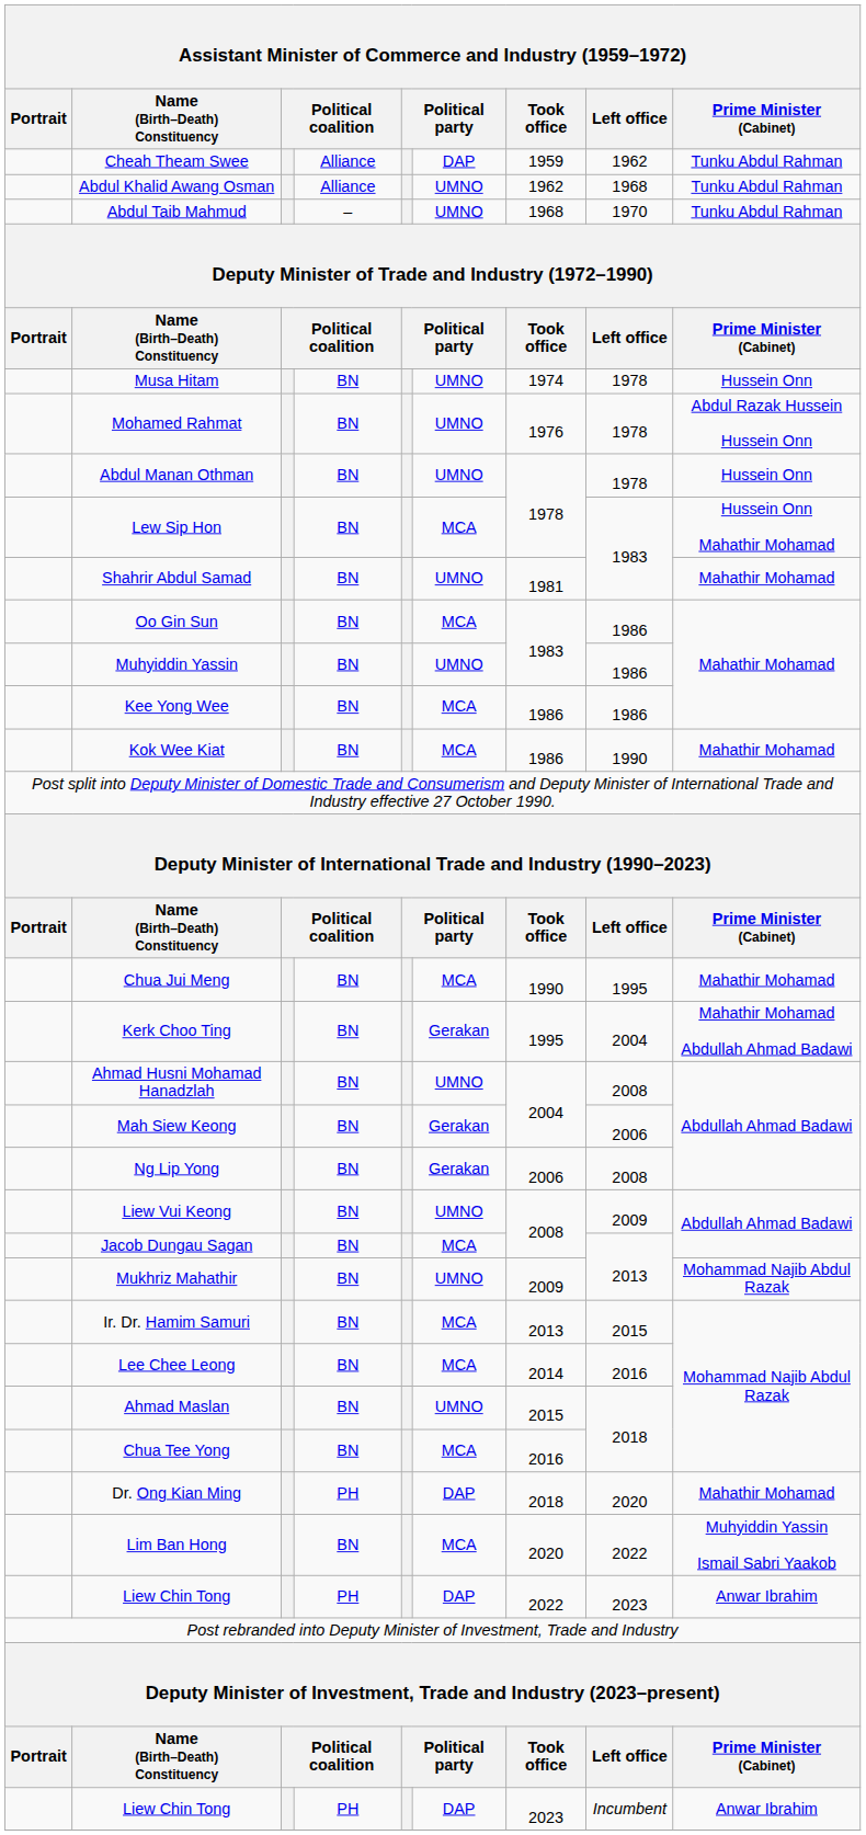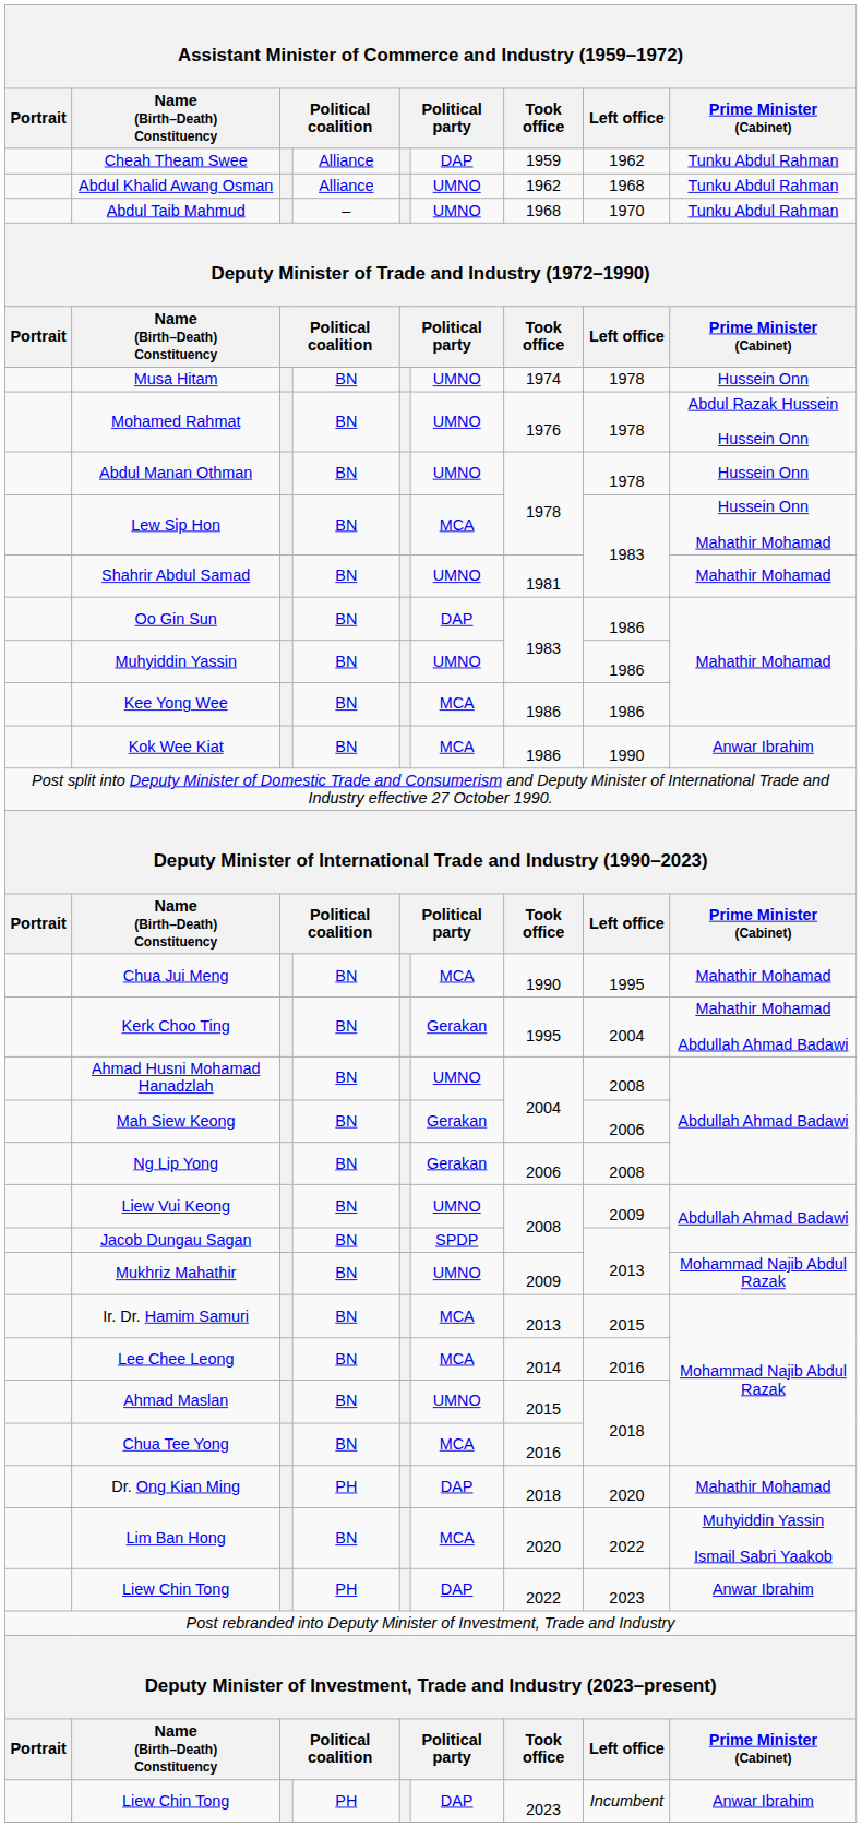 <table class="wikitable" style="text-align:center;">
 <tr>
 <th colspan="9"><br><h3>Assistant Minister of Commerce and Industry (1959–1972)</h3></th>
 </tr>
 <tr>
 <th>Portrait</th>
 <th>Name<br><small>(Birth–Death)<br>Constituency</small></th>
 <th colspan="2">Political coalition</th>
 <th colspan="2">Political party</th>
 <th>Took office</th>
 <th>Left office</th>
 <th><a href='#'>Prime Minister</a><br><small>(Cabinet)</small></th>
 </tr>
 <tr>
 <td></td>
 <td><a href='#'>Cheah Theam Swee</a><br></td>
 <th style="background:"></th>
 <td><a href='#'>Alliance</a></td>
 <th style="background:"></th>
 <td><a href='#'>DAP</a></td>
 <td>1959</td>
 <td>1962</td>
 <td><a href='#'>Tunku Abdul Rahman</a><br></td>
 </tr>
 <tr>
 <td></td>
 <td><a href='#'>Abdul Khalid Awang Osman</a><br></td>
 <th style="background:"></th>
 <td><a href='#'>Alliance</a></td>
 <th style="background:"></th>
 <td><a href='#'>UMNO</a></td>
 <td>1962</td>
 <td>1968</td>
 <td><a href='#'>Tunku Abdul Rahman</a><br></td>
 </tr>
 <tr>
 <td></td>
 <td><a href='#'>Abdul Taib Mahmud</a><br></td>
 <th style="background:"></th>
 <td>–</td>
 <th style="background:"></th>
 <td><a href='#'>UMNO</a></td>
 <td>1968</td>
 <td>1970</td>
 <td><a href='#'>Tunku Abdul Rahman</a><br></td>
 </tr>
 <tr>
 <th colspan="9"><br><h3>Deputy Minister of Trade and Industry (1972–1990)</h3></th>
 </tr>
 <tr>
 <th>Portrait</th>
 <th>Name<br><small>(Birth–Death)<br>Constituency</small></th>
 <th colspan="2">Political coalition</th>
 <th colspan="2">Political party</th>
 <th>Took office</th>
 <th>Left office</th>
 <th><a href='#'>Prime Minister</a><br><small>(Cabinet)</small></th>
 </tr>
 <tr>
 <td></td>
 <td><a href='#'>Musa Hitam</a><br></td>
 <th style="background:"></th>
 <td><a href='#'>BN</a></td>
 <th style="background:"></th>
 <td><a href='#'>UMNO</a></td>
 <td>1974</td>
 <td>1978</td>
 <td><a href='#'>Hussein Onn</a><br></td>
 </tr>
 <tr>
 <td></td>
 <td><a href='#'>Mohamed Rahmat</a><br></td>
 <th style="background:"></th>
 <td><a href='#'>BN</a></td>
 <th style="background:"></th>
 <td><a href='#'>UMNO</a></td>
 <td><br>1976</td>
 <td><br>1978</td>
 <td><a href='#'>Abdul Razak Hussein</a><br><br><a href='#'>Hussein Onn</a><br></td>
 </tr>
 <tr>
 <td></td>
 <td><a href='#'>Abdul Manan Othman</a><br></td>
 <th style="background:"></th>
 <td><a href='#'>BN</a></td>
 <th style="background:"></th>
 <td><a href='#'>UMNO</a></td>
 <td rowspan="2"><br>1978</td>
 <td><br>1978</td>
 <td><a href='#'>Hussein Onn</a><br></td>
 </tr>
 <tr>
 <td></td>
 <td><a href='#'>Lew Sip Hon</a><br></td>
 <th style="background:"></th>
 <td><a href='#'>BN</a></td>
 <th style="background:"></th>
 <td><a href='#'>MCA</a></td>
 <td rowspan="2"><br>1983</td>
 <td><a href='#'>Hussein Onn</a><br><br><a href='#'>Mahathir Mohamad</a><br></td>
 </tr>
 <tr>
 <td></td>
 <td><a href='#'>Shahrir Abdul Samad</a><br></td>
 <th style="background:"></th>
 <td><a href='#'>BN</a></td>
 <th style="background:"></th>
 <td><a href='#'>UMNO</a></td>
 <td><br>1981</td>
 <td><a href='#'>Mahathir Mohamad</a><br></td>
 </tr>
 <tr>
 <td></td>
 <td><a href='#'>Oo Gin Sun</a><br></td>
 <th style="background:"></th>
 <td><a href='#'>BN</a></td>
 <th style="background:"></th>
-<td><a href='#'>MCA</a></td>
+<td><a href='#'>DAP</a></td>
 <td rowspan="2"><br>1983</td>
 <td><br>1986</td>
 <td rowspan="3"><a href='#'>Mahathir Mohamad</a><br></td>
 </tr>
 <tr>
 <td></td>
 <td><a href='#'>Muhyiddin Yassin</a><br></td>
 <th style="background:"></th>
 <td><a href='#'>BN</a></td>
 <th style="background:"></th>
 <td><a href='#'>UMNO</a></td>
 <td><br>1986</td>
 </tr>
 <tr>
 <td></td>
 <td><a href='#'>Kee Yong Wee</a><br></td>
 <th style="background:"></th>
 <td><a href='#'>BN</a></td>
 <th style="background:"></th>
 <td><a href='#'>MCA</a></td>
 <td><br>1986</td>
 <td><br>1986</td>
 </tr>
 <tr>
 <td></td>
 <td><a href='#'>Kok Wee Kiat</a><br></td>
 <th style="background:"></th>
 <td><a href='#'>BN</a></td>
 <th style="background:"></th>
 <td><a href='#'>MCA</a></td>
 <td><br>1986</td>
 <td><br>1990</td>
-<td><a href='#'>Mahathir Mohamad</a><br></td>
+<td><a href='#'>Anwar Ibrahim</a><br></td>
 </tr>
 <tr>
 <td colspan="9"><em>Post split into <a href='#'>Deputy Minister of Domestic Trade and Consumerism</a> and Deputy Minister of International Trade and Industry effective 27 October 1990.</em></td>
 </tr>
 <tr>
 <th colspan="9"><br><h3>Deputy Minister of International Trade and Industry (1990–2023)</h3></th>
 </tr>
 <tr>
 <th>Portrait</th>
 <th>Name<br><small>(Birth–Death)<br>Constituency</small></th>
 <th colspan="2">Political coalition</th>
 <th colspan="2">Political party</th>
 <th>Took office</th>
 <th>Left office</th>
 <th><a href='#'>Prime Minister</a><br><small>(Cabinet)</small></th>
 </tr>
 <tr>
 <td></td>
 <td><a href='#'>Chua Jui Meng</a><br></td>
 <th style="background:"></th>
 <td><a href='#'>BN</a></td>
 <th style="background:"></th>
 <td><a href='#'>MCA</a></td>
 <td><br>1990</td>
 <td><br>1995</td>
 <td><a href='#'>Mahathir Mohamad</a><br></td>
 </tr>
 <tr>
 <td></td>
 <td><a href='#'>Kerk Choo Ting</a><br></td>
 <th style="background:"></th>
 <td><a href='#'>BN</a></td>
 <th style="background:"></th>
 <td><a href='#'>Gerakan</a></td>
 <td><br>1995</td>
 <td><br>2004</td>
 <td><a href='#'>Mahathir Mohamad</a><br><br><a href='#'>Abdullah Ahmad Badawi</a><br></td>
 </tr>
 <tr>
 <td></td>
 <td><a href='#'>Ahmad Husni Mohamad Hanadzlah</a><br></td>
 <th style="background:"></th>
 <td><a href='#'>BN</a></td>
 <th style="background:"></th>
 <td><a href='#'>UMNO</a></td>
 <td rowspan="2"><br>2004</td>
 <td><br>2008</td>
 <td rowspan="3"><a href='#'>Abdullah Ahmad Badawi</a><br></td>
 </tr>
 <tr>
 <td></td>
 <td><a href='#'>Mah Siew Keong</a><br></td>
 <th style="background:"></th>
 <td><a href='#'>BN</a></td>
 <th style="background:"></th>
 <td><a href='#'>Gerakan</a></td>
 <td><br>2006</td>
 </tr>
 <tr>
 <td></td>
 <td><a href='#'>Ng Lip Yong</a><br></td>
 <th style="background:"></th>
 <td><a href='#'>BN</a></td>
 <th style="background:"></th>
 <td><a href='#'>Gerakan</a></td>
 <td><br>2006</td>
 <td><br>2008</td>
 </tr>
 <tr>
 <td></td>
 <td><a href='#'>Liew Vui Keong</a><br></td>
 <th style="background:"></th>
 <td><a href='#'>BN</a></td>
 <th style="background:"></th>
 <td><a href='#'>UMNO</a></td>
 <td rowspan="2"><br>2008</td>
 <td><br>2009</td>
 <td rowspan="2"><a href='#'>Abdullah Ahmad Badawi</a><br></td>
 </tr>
 <tr>
 <td></td>
 <td><a href='#'>Jacob Dungau Sagan</a><br></td>
 <th style="background:"></th>
 <td><a href='#'>BN</a></td>
 <th style="background:"></th>
-<td><a href='#'>MCA</a></td>
+<td><a href='#'>SPDP</a></td>
 <td rowspan="2"><br>2013</td>
 </tr>
 <tr>
 <td></td>
 <td><a href='#'>Mukhriz Mahathir</a><br></td>
 <th style="background:"></th>
 <td><a href='#'>BN</a></td>
 <th style="background:"></th>
 <td><a href='#'>UMNO</a></td>
 <td><br>2009</td>
 <td><a href='#'>Mohammad Najib Abdul Razak</a><br></td>
 </tr>
 <tr>
 <td></td>
 <td>Ir. Dr. <a href='#'>Hamim Samuri</a><br></td>
 <th style="background:"></th>
 <td><a href='#'>BN</a></td>
 <th style="background:"></th>
 <td><a href='#'>MCA</a></td>
 <td><br>2013</td>
 <td><br>2015</td>
 <td rowspan="4"><a href='#'>Mohammad Najib Abdul Razak</a><br></td>
 </tr>
 <tr>
 <td></td>
 <td><a href='#'>Lee Chee Leong</a><br></td>
 <th style="background:"></th>
 <td><a href='#'>BN</a></td>
 <th style="background:"></th>
 <td><a href='#'>MCA</a></td>
 <td><br>2014</td>
 <td><br>2016</td>
 </tr>
 <tr>
 <td></td>
 <td><a href='#'>Ahmad Maslan</a><br></td>
 <th style="background:"></th>
 <td><a href='#'>BN</a></td>
 <th style="background:"></th>
 <td><a href='#'>UMNO</a></td>
 <td><br>2015</td>
 <td rowspan="2"><br>2018</td>
 </tr>
 <tr>
 <td></td>
 <td><a href='#'>Chua Tee Yong</a><br></td>
 <th style="background:"></th>
 <td><a href='#'>BN</a></td>
 <th style="background:"></th>
 <td><a href='#'>MCA</a></td>
 <td><br>2016</td>
 </tr>
 <tr>
 <td></td>
 <td>Dr. <a href='#'>Ong Kian Ming</a><br></td>
 <th style="background:"></th>
 <td><a href='#'>PH</a></td>
 <th style="background:"></th>
 <td><a href='#'>DAP</a></td>
 <td><br>2018</td>
 <td><br>2020</td>
 <td><a href='#'>Mahathir Mohamad</a><br></td>
 </tr>
 <tr>
 <td></td>
 <td><a href='#'>Lim Ban Hong</a><br></td>
 <th style="background:"></th>
 <td><a href='#'>BN</a></td>
 <th style="background:"></th>
 <td><a href='#'>MCA</a></td>
 <td><br>2020</td>
 <td><br>2022</td>
 <td><a href='#'>Muhyiddin Yassin</a><br><br><a href='#'>Ismail Sabri Yaakob</a><br></td>
 </tr>
 <tr>
 <td></td>
 <td><a href='#'>Liew Chin Tong</a><br></td>
 <th style="background:"></th>
 <td><a href='#'>PH</a></td>
 <th style="background:"></th>
 <td><a href='#'>DAP</a></td>
 <td><br>2022</td>
 <td><br>2023</td>
 <td><a href='#'>Anwar Ibrahim</a><br></td>
 </tr>
 <tr>
 <td colspan="9"><em>Post rebranded into Deputy Minister of Investment, Trade and Industry</em></td>
 </tr>
 <tr>
 <th colspan="9"><br><h3>Deputy Minister of Investment, Trade and Industry (2023–present)</h3></th>
 </tr>
 <tr>
 <th>Portrait</th>
 <th>Name<br><small>(Birth–Death)<br>Constituency</small></th>
 <th colspan="2">Political coalition</th>
 <th colspan="2">Political party</th>
 <th>Took office</th>
 <th>Left office</th>
 <th><a href='#'>Prime Minister</a><br><small>(Cabinet)</small></th>
 </tr>
 <tr>
 <td></td>
 <td><a href='#'>Liew Chin Tong</a><br></td>
 <th style="background:"></th>
 <td><a href='#'>PH</a></td>
 <th style="background:"></th>
 <td><a href='#'>DAP</a></td>
 <td><br>2023</td>
 <td><em>Incumbent</em></td>
 <td><a href='#'>Anwar Ibrahim</a><br></td>
 </tr>
 <tr>
 </tr>
 </table>
